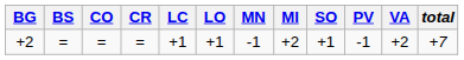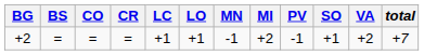 <table class="wikitable" border="1">
 <tr style="vertical-align:bottom;">
 <th> <a href='#'>BG</a> </th>
 <th> <a href='#'>BS</a> </th>
 <th> <a href='#'>CO</a> </th>
 <th> <a href='#'>CR</a> </th>
 <th> <a href='#'>LC</a> </th>
 <th> <a href='#'>LO</a> </th>
 <th> <a href='#'>MN</a> </th>
 <th> <a href='#'>MI</a> </th>
+<th> <a href='#'>PV</a> </th>
 <th> <a href='#'>SO</a> </th>
-<th> <a href='#'>PV</a> </th>
 <th> <a href='#'>VA</a> </th>
 <th><em>total</em></th>
 </tr>
 <tr style="text-align:center;">
 <td>+2</td>
 <td>=</td>
 <td>=</td>
 <td>=</td>
 <td>+1</td>
 <td>+1</td>
 <td>-1</td>
 <td>+2</td>
+<td>-1</td>
 <td>+1</td>
-<td>-1</td>
 <td>+2</td>
 <td><em>+7</em></td>
 </tr>
 </table>
